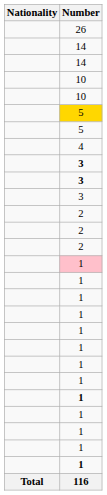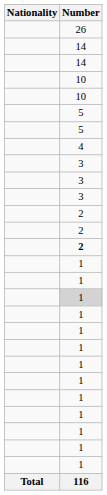 <table class="wikitable sortable">
 <tr>
 <th>Nationality</th>
 <th>Number</th>
 </tr>
 <tr>
 <td></td>
 <td align=center>26</td>
 </tr>
 <tr>
 <td></td>
 <td align=center>14</td>
 </tr>
 <tr>
 <td></td>
 <td align=center>14</td>
 </tr>
 <tr>
 <td></td>
 <td align=center>10</td>
 </tr>
 <tr>
 <td></td>
 <td align=center>10</td>
 </tr>
 <tr>
 <td></td>
-<td align=center style="background: gold;">5</td>
+<td align=center>5</td>
 </tr>
 <tr>
 <td></td>
 <td align=center>5</td>
 </tr>
 <tr>
 <td></td>
 <td align=center>4</td>
 </tr>
 <tr>
 <td></td>
-<td align=center><strong>3</strong></td>
+<td align=center>3</td>
 </tr>
 <tr>
 <td></td>
-<td align=center><strong>3</strong></td>
+<td align=center>3</td>
 </tr>
 <tr>
 <td></td>
 <td align=center>3</td>
 </tr>
 <tr>
 <td></td>
 <td align=center>2</td>
 </tr>
 <tr>
 <td></td>
 <td align=center>2</td>
 </tr>
 <tr>
 <td></td>
-<td align=center>2</td>
+<td align=center><strong>2</strong></td>
 </tr>
 <tr>
 <td></td>
-<td align=center style="background: pink;">1</td>
+<td align=center>1</td>
+</tr>
+<tr>
+<td></td>
+<td align=center>1</td>
+</tr>
+<tr>
+<td></td>
+<td align=center style="background: lightgrey;">1</td>
 </tr>
 <tr>
 <td></td>
 <td align=center>1</td>
 </tr>
 <tr>
 <td></td>
 <td align=center>1</td>
 </tr>
 <tr>
 <td></td>
 <td align=center>1</td>
 </tr>
 <tr>
 <td></td>
 <td align=center>1</td>
 </tr>
 <tr>
 <td></td>
 <td align=center>1</td>
 </tr>
 <tr>
 <td></td>
 <td align=center>1</td>
 </tr>
 <tr>
 <td></td>
 <td align=center>1</td>
 </tr>
 <tr>
 <td></td>
-<td align=center><strong>1</strong></td>
-</tr>
-<tr>
-<td></td>
 <td align=center>1</td>
 </tr>
 <tr>
 <td></td>
 <td align=center>1</td>
 </tr>
 <tr>
 <td></td>
 <td align=center>1</td>
 </tr>
 <tr>
-<td></td>
-<td align=center><strong>1</strong></td>
-</tr>
-<tr>
 <th>Total</th>
 <th>116</th>
 </tr>
 </table>
